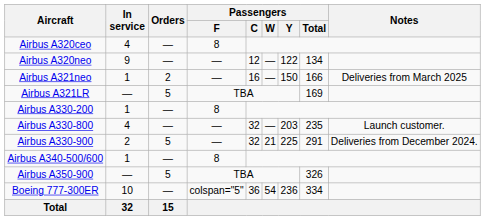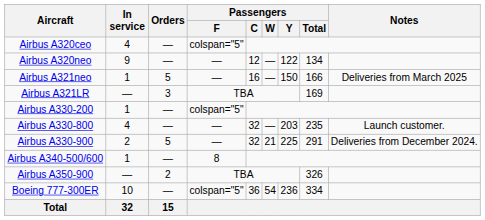 <table class="wikitable" style="border-collapse:collapse;text-align:center;margin:auto;">
 <tr>
 <th rowspan="2" style="width:150px;">Aircraft</th>
 <th rowspan="2" style="width:60px;">In service</th>
 <th rowspan="2" style="width:40px;">Orders</th>
 <th colspan="5">Passengers</th>
 <th rowspan="2">Notes</th>
 </tr>
 <tr>
 <th><abbr>F</abbr></th>
 <th><abbr>C</abbr></th>
 <th><abbr>W</abbr></th>
 <th><abbr>Y</abbr></th>
 <th>Total</th>
 </tr>
 <tr>
 <td><a href='#'>Airbus A320ceo</a></td>
 <td>4</td>
 <td>—</td>
-<td>8</td>
+<td>colspan="5" </td>
 </tr>
 <tr>
 <td><a href='#'>Airbus A320neo</a></td>
 <td>9</td>
 <td>—</td>
 <td>—</td>
 <td>12</td>
 <td>—</td>
 <td>122</td>
 <td>134</td>
 <td></td>
 </tr>
 <tr>
 <td><a href='#'>Airbus A321neo</a></td>
 <td>1</td>
-<td>2</td>
+<td>5</td>
 <td>—</td>
 <td>16</td>
 <td>—</td>
 <td>150</td>
 <td>166</td>
 <td>Deliveries from March 2025</td>
 </tr>
 <tr>
 <td><a href='#'>Airbus A321LR</a></td>
 <td>—</td>
-<td>5</td>
+<td>3</td>
 <td colspan="4"><abbr>TBA</abbr></td>
 <td>169</td>
 <td></td>
 </tr>
 <tr>
 <td><a href='#'>Airbus A330-200</a></td>
 <td>1</td>
 <td>—</td>
-<td>8</td>
+<td>colspan="5" </td>
 </tr>
 <tr>
 <td><a href='#'>Airbus A330-800</a></td>
 <td>4</td>
 <td>—</td>
 <td>—</td>
 <td>32</td>
 <td>—</td>
 <td>203</td>
 <td>235</td>
 <td>Launch customer.</td>
 </tr>
 <tr>
 <td><a href='#'>Airbus A330-900</a></td>
 <td>2</td>
 <td>5</td>
 <td>—</td>
 <td>32</td>
 <td>21</td>
 <td>225</td>
 <td>291</td>
 <td>Deliveries from December 2024.</td>
 </tr>
 <tr>
 <td><a href='#'>Airbus A340-500/600</a></td>
 <td>1</td>
 <td>—</td>
 <td>8</td>
 </tr>
 <tr>
 <td><a href='#'>Airbus A350-900</a></td>
 <td>—</td>
-<td>5</td>
+<td>2</td>
 <td colspan="4"><abbr>TBA</abbr></td>
 <td>326</td>
 <td></td>
 </tr>
 <tr>
 <td><a href='#'>Boeing 777-300ER</a></td>
 <td>10</td>
 <td>—</td>
 <td>colspan="5" </td>
 <td>36</td>
 <td>54</td>
 <td>236</td>
 <td>334</td>
 <td></td>
 </tr>
 <tr>
 <th>Total</th>
 <th>32</th>
 <th>15</th>
 <th colspan="6"></th>
 </tr>
 </table>
